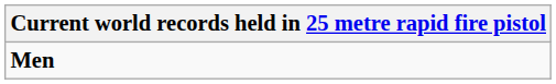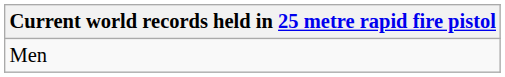 <table class="wikitable" style="font-size: 95%">
 <tr>
 <th colspan=7>Current world records held in <a href='#'>25 metre rapid fire pistol</a></th>
 </tr>
 <tr>
-<td><strong>Men<br></strong></td>
+<td>Men<br></td>
 </tr>
 </table>
